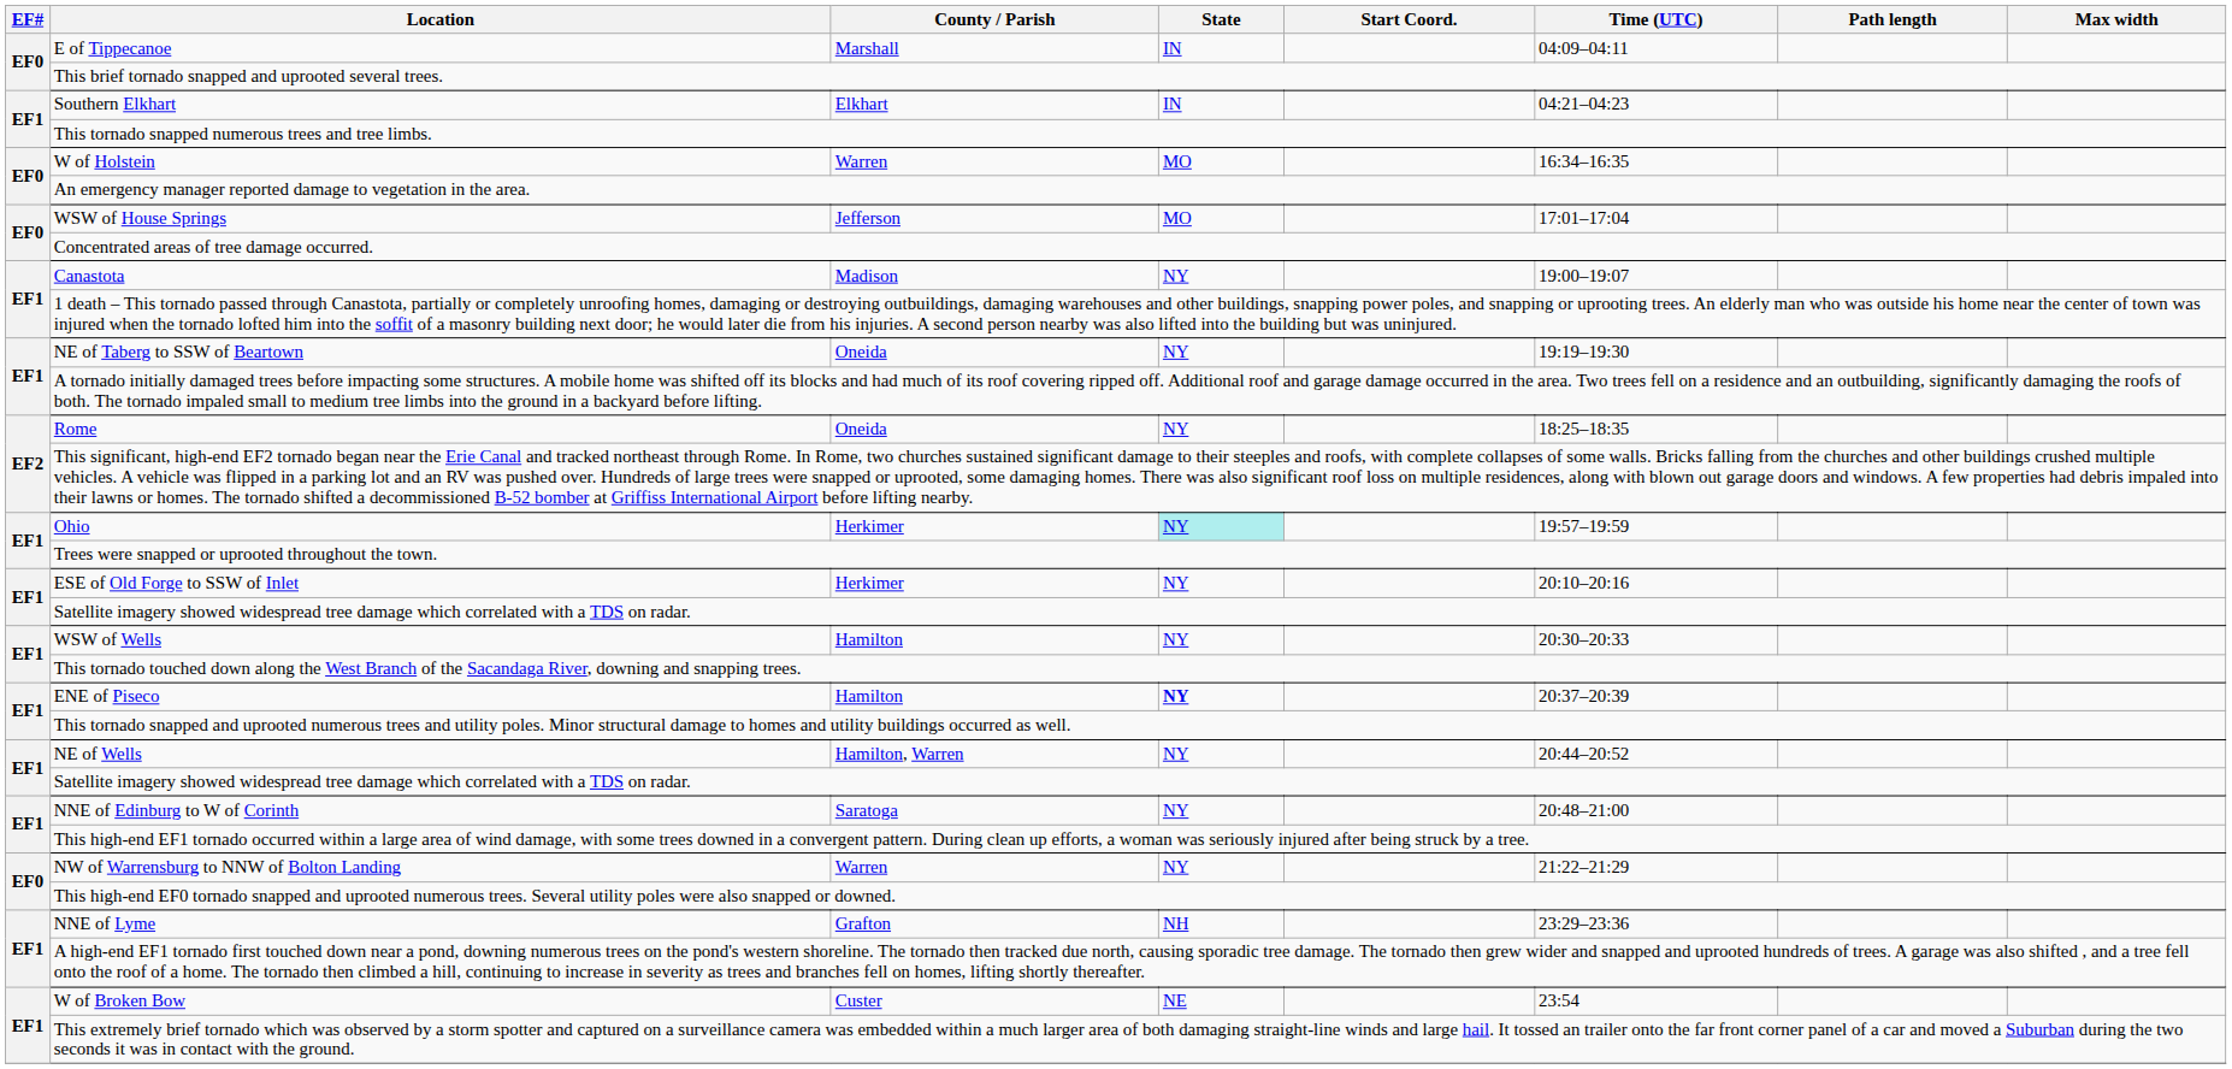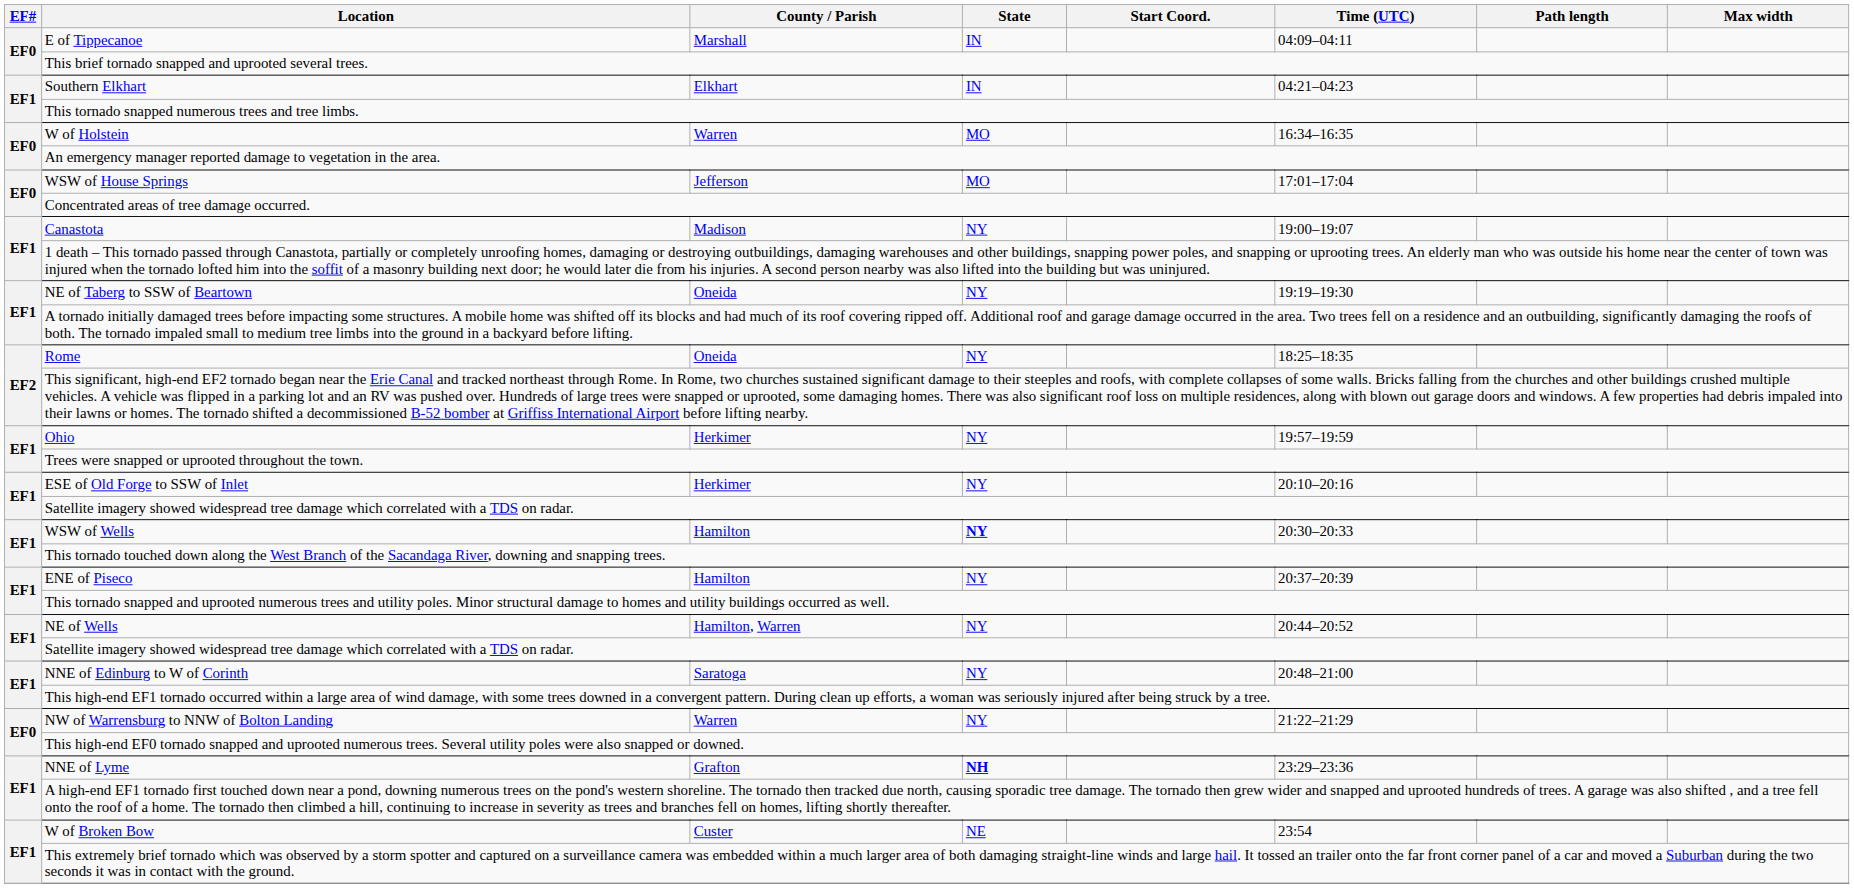 <table class="wikitable sortable" style="width:100%;">
 <tr>
 <th scope="col" width="2%" align="center"><a href='#'>EF#</a></th>
 <th scope="col" align="center" class="unsortable">Location</th>
 <th scope="col" align="center" class="unsortable">County / Parish</th>
 <th scope="col" align="center">State</th>
 <th scope="col" align="center">Start Coord.</th>
 <th scope="col" align="center">Time (<a href='#'>UTC</a>)</th>
 <th scope="col" align="center">Path length</th>
 <th scope="col" align="center">Max width</th>
 </tr>
 <tr>
 <th scope="row" rowspan="2" style="background-color:#">EF0</th>
 <td>E of <a href='#'>Tippecanoe</a></td>
 <td><a href='#'>Marshall</a></td>
 <td><a href='#'>IN</a></td>
 <td></td>
 <td>04:09–04:11</td>
 <td></td>
 <td></td>
 </tr>
 <tr class="expand-child">
 <td colspan="8" style=" border-bottom: 1px solid black;">This brief tornado snapped and uprooted several trees.</td>
 </tr>
 <tr>
 <th scope="row" rowspan="2" style="background-color:#">EF1</th>
 <td>Southern <a href='#'>Elkhart</a></td>
 <td><a href='#'>Elkhart</a></td>
 <td><a href='#'>IN</a></td>
 <td></td>
 <td>04:21–04:23</td>
 <td></td>
 <td></td>
 </tr>
 <tr class="expand-child">
 <td colspan="8" style=" border-bottom: 1px solid black;">This tornado snapped numerous trees and tree limbs.</td>
 </tr>
 <tr>
 <th scope="row" rowspan="2" style="background-color:#">EF0</th>
 <td>W of <a href='#'>Holstein</a></td>
 <td><a href='#'>Warren</a></td>
 <td><a href='#'>MO</a></td>
 <td></td>
 <td>16:34–16:35</td>
 <td></td>
 <td></td>
 </tr>
 <tr class="expand-child">
 <td colspan="8" style=" border-bottom: 1px solid black;">An emergency manager reported damage to vegetation in the area.</td>
 </tr>
 <tr>
 <th scope="row" rowspan="2" style="background-color:#">EF0</th>
 <td>WSW of <a href='#'>House Springs</a></td>
 <td><a href='#'>Jefferson</a></td>
 <td><a href='#'>MO</a></td>
 <td></td>
 <td>17:01–17:04</td>
 <td></td>
 <td></td>
 </tr>
 <tr class="expand-child">
 <td colspan="8" style=" border-bottom: 1px solid black;">Concentrated areas of tree damage occurred.</td>
 </tr>
 <tr>
 <th scope="row" rowspan="2" style="background-color:#">EF1</th>
 <td><a href='#'>Canastota</a></td>
 <td><a href='#'>Madison</a></td>
 <td><a href='#'>NY</a></td>
 <td></td>
 <td>19:00–19:07</td>
 <td></td>
 <td></td>
 </tr>
 <tr class="expand-child">
 <td colspan="8" style=" border-bottom: 1px solid black;">1 death – This tornado passed through Canastota, partially or completely unroofing homes, damaging or destroying outbuildings, damaging warehouses and other buildings, snapping power poles, and snapping or uprooting trees. An elderly man who was outside his home near the center of town was injured when the tornado lofted him into the <a href='#'>soffit</a> of a masonry building next door; he would later die from his injuries. A second person nearby was also lifted into the building but was uninjured.</td>
 </tr>
 <tr>
 <th scope="row" rowspan="2" style="background-color:#">EF1</th>
 <td>NE of <a href='#'>Taberg</a> to SSW of <a href='#'>Beartown</a></td>
 <td><a href='#'>Oneida</a></td>
 <td><a href='#'>NY</a></td>
 <td></td>
 <td>19:19–19:30</td>
 <td></td>
 <td></td>
 </tr>
 <tr class="expand-child">
 <td colspan="8" style=" border-bottom: 1px solid black;">A tornado initially damaged trees before impacting some structures. A mobile home was shifted off its blocks and had much of its roof covering ripped off. Additional roof and garage damage occurred in the area. Two trees fell on a residence and an outbuilding, significantly damaging the roofs of both. The tornado impaled small to medium tree limbs into the ground in a backyard before lifting.</td>
 </tr>
 <tr>
 <th scope="row" rowspan="2" style="background-color:#">EF2</th>
 <td><a href='#'>Rome</a></td>
 <td><a href='#'>Oneida</a></td>
 <td><a href='#'>NY</a></td>
 <td></td>
 <td>18:25–18:35</td>
 <td></td>
 <td></td>
 </tr>
 <tr class="expand-child">
 <td colspan="8" style=" border-bottom: 1px solid black;">This significant, high-end EF2 tornado began near the <a href='#'>Erie Canal</a> and tracked northeast through Rome. In Rome, two churches sustained significant damage to their steeples and roofs, with complete collapses of some walls. Bricks falling from the churches and other buildings crushed multiple vehicles. A vehicle was flipped in a parking lot and an RV was pushed over. Hundreds of large trees were snapped or uprooted, some damaging homes. There was also significant roof loss on multiple residences, along with blown out garage doors and windows. A few properties had debris impaled into their lawns or homes. The tornado shifted a decommissioned <a href='#'>B-52 bomber</a> at <a href='#'>Griffiss International Airport</a> before lifting nearby.</td>
 </tr>
 <tr>
 <th scope="row" rowspan="2" style="background-color:#">EF1</th>
 <td><a href='#'>Ohio</a></td>
 <td><a href='#'>Herkimer</a></td>
-<td style="background: paleturquoise;"><a href='#'>NY</a></td>
+<td><a href='#'>NY</a></td>
 <td></td>
 <td>19:57–19:59</td>
 <td></td>
 <td></td>
 </tr>
 <tr class="expand-child">
 <td colspan="8" style=" border-bottom: 1px solid black;">Trees were snapped or uprooted throughout the town.</td>
 </tr>
 <tr>
 <th scope="row" rowspan="2" style="background-color:#">EF1</th>
 <td>ESE of <a href='#'>Old Forge</a> to SSW of <a href='#'>Inlet</a></td>
 <td><a href='#'>Herkimer</a></td>
 <td><a href='#'>NY</a></td>
 <td></td>
 <td>20:10–20:16</td>
 <td></td>
 <td></td>
 </tr>
 <tr class="expand-child">
 <td colspan="8" style=" border-bottom: 1px solid black;">Satellite imagery showed widespread tree damage which correlated with a <a href='#'>TDS</a> on radar.</td>
 </tr>
 <tr>
 <th scope="row" rowspan="2" style="background-color:#">EF1</th>
 <td>WSW of <a href='#'>Wells</a></td>
 <td><a href='#'>Hamilton</a></td>
-<td><a href='#'>NY</a></td>
+<td><strong><a href='#'>NY</a></strong></td>
 <td></td>
 <td>20:30–20:33</td>
 <td></td>
 <td></td>
 </tr>
 <tr class="expand-child">
 <td colspan="8" style=" border-bottom: 1px solid black;">This tornado touched down along the <a href='#'>West Branch</a> of the <a href='#'>Sacandaga River</a>, downing and snapping trees.</td>
 </tr>
 <tr>
 <th scope="row" rowspan="2" style="background-color:#">EF1</th>
 <td>ENE of <a href='#'>Piseco</a></td>
 <td><a href='#'>Hamilton</a></td>
-<td><strong><a href='#'>NY</a></strong></td>
+<td><a href='#'>NY</a></td>
 <td></td>
 <td>20:37–20:39</td>
 <td></td>
 <td></td>
 </tr>
 <tr class="expand-child">
 <td colspan="8" style=" border-bottom: 1px solid black;">This tornado snapped and uprooted numerous trees and utility poles. Minor structural damage to homes and utility buildings occurred as well.</td>
 </tr>
 <tr>
 <th scope="row" rowspan="2" style="background-color:#">EF1</th>
 <td>NE of <a href='#'>Wells</a></td>
 <td><a href='#'>Hamilton</a>, <a href='#'>Warren</a></td>
 <td><a href='#'>NY</a></td>
 <td></td>
 <td>20:44–20:52</td>
 <td></td>
 <td></td>
 </tr>
 <tr class="expand-child">
 <td colspan="8" style=" border-bottom: 1px solid black;">Satellite imagery showed widespread tree damage which correlated with a <a href='#'>TDS</a> on radar.</td>
 </tr>
 <tr>
 <th scope="row" rowspan="2" style="background-color:#">EF1</th>
 <td>NNE of <a href='#'>Edinburg</a> to W of <a href='#'>Corinth</a></td>
 <td><a href='#'>Saratoga</a></td>
 <td><a href='#'>NY</a></td>
 <td></td>
 <td>20:48–21:00</td>
 <td></td>
 <td></td>
 </tr>
 <tr class="expand-child">
 <td colspan="8" style=" border-bottom: 1px solid black;">This high-end EF1 tornado occurred within a large area of wind damage, with some trees downed in a convergent pattern. During clean up efforts, a woman was seriously injured after being struck by a tree.</td>
 </tr>
 <tr>
 <th scope="row" rowspan="2" style="background-color:#">EF0</th>
 <td>NW of <a href='#'>Warrensburg</a> to NNW of <a href='#'>Bolton Landing</a></td>
 <td><a href='#'>Warren</a></td>
 <td><a href='#'>NY</a></td>
 <td></td>
 <td>21:22–21:29</td>
 <td></td>
 <td></td>
 </tr>
 <tr class="expand-child">
 <td colspan="8" style=" border-bottom: 1px solid black;">This high-end EF0 tornado snapped and uprooted numerous trees. Several utility poles were also snapped or downed.</td>
 </tr>
 <tr>
 <th scope="row" rowspan="2" style="background-color:#">EF1</th>
 <td>NNE of <a href='#'>Lyme</a></td>
 <td><a href='#'>Grafton</a></td>
-<td><a href='#'>NH</a></td>
+<td><strong><a href='#'>NH</a></strong></td>
 <td></td>
 <td>23:29–23:36</td>
 <td></td>
 <td></td>
 </tr>
 <tr class="expand-child">
 <td colspan="8" style=" border-bottom: 1px solid black;">A high-end EF1 tornado first touched down near a pond, downing numerous trees on the pond's western shoreline. The tornado then tracked due north, causing sporadic tree damage. The tornado then grew wider and snapped and uprooted hundreds of trees. A garage was also shifted , and a tree fell onto the roof of a home. The tornado then climbed a hill, continuing to increase in severity as trees and branches fell on homes, lifting shortly thereafter.</td>
 </tr>
 <tr>
 <th scope="row" rowspan="2" style="background-color:#">EF1</th>
 <td>W of <a href='#'>Broken Bow</a></td>
 <td><a href='#'>Custer</a></td>
 <td><a href='#'>NE</a></td>
 <td></td>
 <td>23:54</td>
 <td></td>
 <td></td>
 </tr>
 <tr class="expand-child">
 <td colspan="8" style=" border-bottom: 1px solid black;">This extremely brief tornado which was observed by a storm spotter and captured on a surveillance camera was embedded within a much larger area of both damaging straight-line winds and large <a href='#'>hail</a>. It tossed an  trailer onto the far front corner panel of a car and moved a <a href='#'>Suburban</a>  during the two seconds it was in contact with the ground.</td>
 </tr>
 <tr>
 </tr>
 </table>
